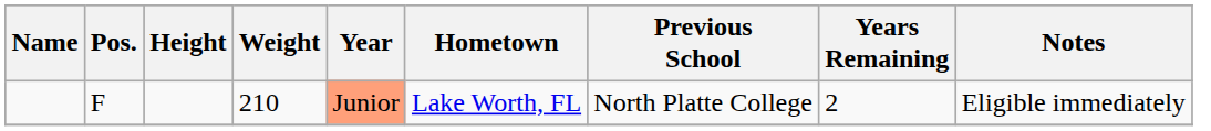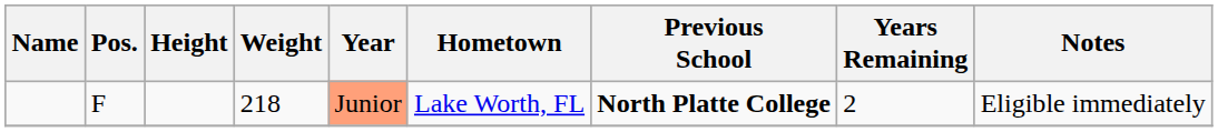 <table class="wikitable sortable" style="font-size:90%;" border="1">
 <tr>
 <th>Name</th>
 <th>Pos.</th>
 <th>Height</th>
 <th>Weight</th>
 <th>Year</th>
 <th>Hometown</th>
 <th ! class="unsortable">Previous<br>School</th>
 <th ! class="unsortable">Years<br>Remaining</th>
 <th ! class="unsortable">Notes</th>
 </tr>
 <tr>
 <td></td>
 <td>F</td>
 <td></td>
-<td>210</td>
+<td>218</td>
 <td style="background: lightsalmon;">Junior</td>
 <td><a href='#'>Lake Worth, FL</a></td>
-<td>North Platte College</td>
+<td><strong>North Platte College</strong></td>
 <td>2</td>
 <td>Eligible immediately</td>
 </tr>
 <tr>
 </tr>
 </table>
